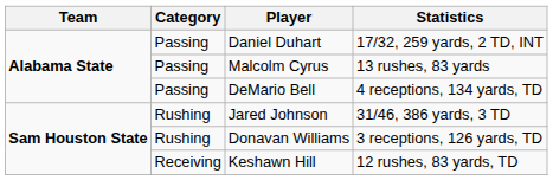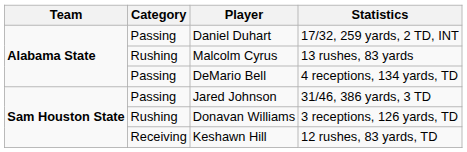 <table class="wikitable" style="float: left;">
 <tr>
 <th>Team</th>
 <th>Category</th>
 <th>Player</th>
 <th>Statistics</th>
 </tr>
 <tr>
 <td rowspan=3><strong>Alabama State</strong></td>
 <td>Passing</td>
 <td>Daniel Duhart</td>
 <td>17/32, 259 yards, 2 TD, INT</td>
 </tr>
 <tr>
-<td>Passing</td>
+<td>Rushing</td>
 <td>Malcolm Cyrus</td>
 <td>13 rushes, 83 yards</td>
 </tr>
 <tr>
 <td>Passing</td>
 <td>DeMario Bell</td>
 <td>4 receptions, 134 yards, TD</td>
 </tr>
 <tr>
 <td rowspan=3><strong>Sam Houston State</strong></td>
-<td>Rushing</td>
+<td>Passing</td>
 <td>Jared Johnson</td>
 <td>31/46, 386 yards, 3 TD</td>
 </tr>
 <tr>
 <td>Rushing</td>
 <td>Donavan Williams</td>
 <td>3 receptions, 126 yards, TD</td>
 </tr>
 <tr>
 <td>Receiving</td>
 <td>Keshawn Hill</td>
 <td>12 rushes, 83 yards, TD</td>
 </tr>
 </table>
